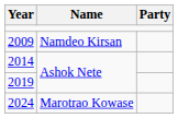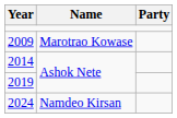 <table class="wikitable">
 <tr>
 <th>Year</th>
 <th>Name</th>
 <th colspan="2">Party</th>
 </tr>
 <tr>
 <td colspan="4"></td>
 </tr>
 <tr>
 <td><a href='#'>2009</a></td>
-<td><a href='#'>Namdeo Kirsan</a></td>
+<td><a href='#'>Marotrao Kowase</a></td>
 <td></td>
 </tr>
 <tr>
 <td><a href='#'>2014</a></td>
 <td rowspan="2"><a href='#'>Ashok Nete</a></td>
 <td></td>
 </tr>
 <tr>
 <td><a href='#'>2019</a></td>
 </tr>
 <tr>
 <td><a href='#'>2024</a></td>
-<td><a href='#'>Marotrao Kowase</a></td>
+<td><a href='#'>Namdeo Kirsan</a></td>
 <td></td>
 </tr>
 </table>
